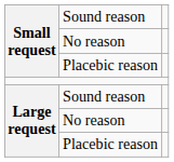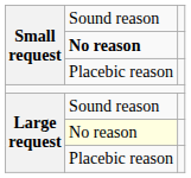 <table class="wikitable" style="float:right; margin-left: 1em;">
 <tr>
 <th rowspan="3">Small<br>request</th>
 <td>Sound reason</td>
 <td></td>
 </tr>
 <tr>
-<td>No reason</td>
+<td><strong>No reason</strong></td>
 <td></td>
 </tr>
 <tr>
 <td>Placebic reason</td>
 <td></td>
 </tr>
 <tr>
 <td colspan="4"></td>
 </tr>
 <tr>
 <th rowspan="3">Large<br>request</th>
 <td>Sound reason</td>
 <td></td>
 </tr>
 <tr>
-<td>No reason</td>
+<td style="background: lightyellow;">No reason</td>
 <td></td>
 </tr>
 <tr>
 <td>Placebic reason</td>
 <td></td>
 </tr>
 </table>
